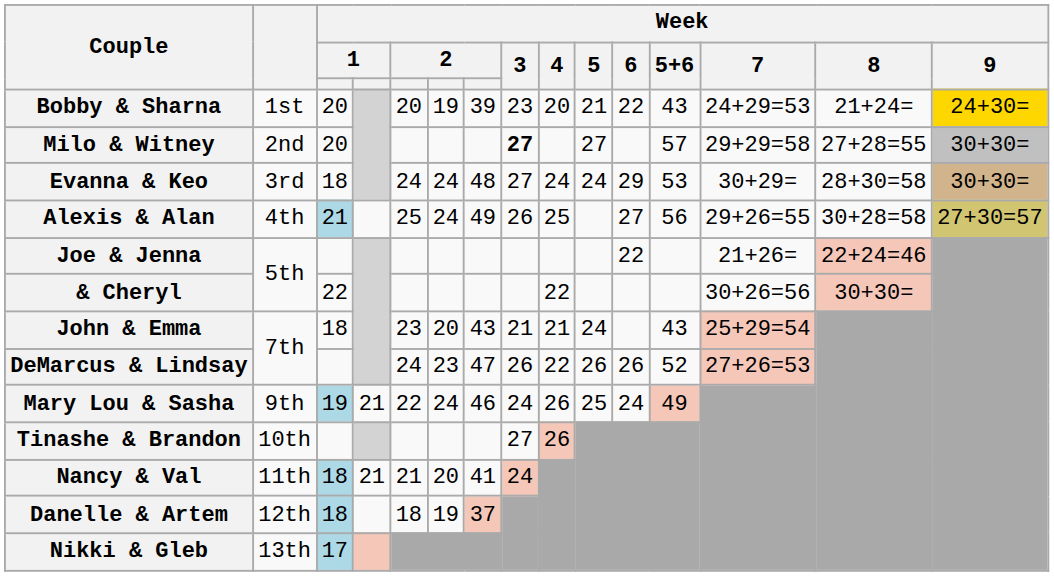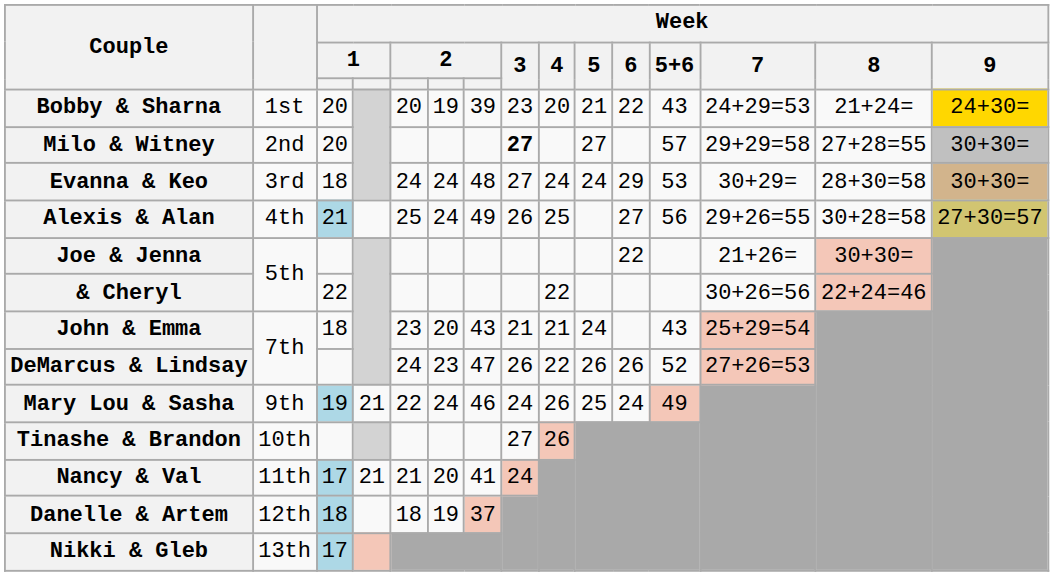 <table class="wikitable sortable" style="text-align:center; font-size:90%">
 <tr>
 <th scope="col" rowspan="3" style="text-align:center;">Couple</th>
 <th scope="col" rowspan="3" style="text-align:center;"></th>
 <th colspan="13" style="text-align:center;">Week</th>
 </tr>
 <tr>
 <th scope="col" colspan="2">1</th>
 <th scope="col" colspan="3">2</th>
 <th scope="col" rowspan="2">3</th>
 <th scope="col" rowspan="2">4</th>
 <th scope="col" rowspan="2">5</th>
 <th scope="col" rowspan="2">6</th>
 <th scope="col" rowspan="2">5+6</th>
 <th scope="col" rowspan="2">7</th>
 <th scope="col" rowspan="2">8</th>
 <th scope="col" rowspan="2">9</th>
 </tr>
 <tr>
 <th></th>
 <th></th>
 <th></th>
 <th></th>
 <th></th>
 </tr>
 <tr>
 <th scope="row">Bobby & Sharna</th>
 <td>1st</td>
 <td>20</td>
 <td rowspan="3" bgcolor="lightgray"></td>
 <td>20</td>
 <td>19</td>
 <td>39</td>
 <td>23</td>
 <td>20</td>
 <td>21</td>
 <td>22</td>
 <td>43</td>
 <td>24+29=53</td>
 <td>21+24=</td>
 <td bgcolor=gold >24+30=</td>
 </tr>
 <tr>
 <th scope="row">Milo & Witney</th>
 <td>2nd</td>
 <td>20</td>
 <td></td>
 <td></td>
 <td></td>
 <td><strong>27</strong></td>
 <td></td>
 <td>27</td>
 <td></td>
 <td>57</td>
 <td>29+29=58</td>
 <td>27+28=55</td>
 <td bgcolor=silver >30+30=</td>
 </tr>
 <tr>
 <th scope="row">Evanna & Keo</th>
 <td>3rd</td>
 <td>18</td>
 <td>24</td>
 <td>24</td>
 <td>48</td>
 <td>27</td>
 <td>24</td>
 <td>24</td>
 <td>29</td>
 <td>53</td>
 <td>30+29=</td>
 <td>28+30=58</td>
 <td bgcolor=tan >30+30=</td>
 </tr>
 <tr>
 <th scope="row">Alexis & Alan</th>
 <td>4th</td>
 <td bgcolor=lightblue>21</td>
 <td></td>
 <td>25</td>
 <td>24</td>
 <td>49</td>
 <td>26</td>
 <td>25</td>
 <td></td>
 <td>27</td>
 <td>56</td>
 <td>29+26=55</td>
 <td>30+28=58</td>
 <td bgcolor=d1c571 >27+30=57</td>
 </tr>
 <tr>
 <th scope="row">Joe & Jenna</th>
 <td rowspan="2">5th</td>
 <td></td>
 <td rowspan="4" bgcolor="lightgray"></td>
 <td></td>
 <td></td>
 <td></td>
 <td></td>
 <td></td>
 <td></td>
 <td>22</td>
 <td></td>
 <td>21+26=</td>
-<td bgcolor=f4c7b8 >22+24=46</td>
+<td bgcolor=f4c7b8 >30+30=</td>
 <td rowspan="9" style="background:darkgrey"></td>
 </tr>
 <tr>
 <th scope="row"> & Cheryl</th>
 <td>22</td>
 <td></td>
 <td></td>
 <td></td>
 <td></td>
 <td>22</td>
 <td></td>
 <td></td>
 <td></td>
 <td>30+26=56</td>
-<td bgcolor=f4c7b8 >30+30=</td>
+<td bgcolor=f4c7b8 >22+24=46</td>
 </tr>
 <tr>
 <th scope="row">John & Emma</th>
 <td rowspan="2">7th</td>
 <td>18</td>
 <td>23</td>
 <td>20</td>
 <td>43</td>
 <td>21</td>
 <td>21</td>
 <td>24</td>
 <td></td>
 <td>43</td>
 <td bgcolor=f4c7b8 >25+29=54</td>
 <td rowspan="7" style="background:darkgrey"></td>
 </tr>
 <tr>
 <th scope="row">DeMarcus & Lindsay</th>
 <td></td>
 <td>24</td>
 <td>23</td>
 <td>47</td>
 <td>26</td>
 <td>22</td>
 <td>26</td>
 <td>26</td>
 <td>52</td>
 <td bgcolor=f4c7b8 >27+26=53</td>
 </tr>
 <tr>
 <th scope="row">Mary Lou & Sasha</th>
 <td>9th</td>
 <td bgcolor=lightblue>19</td>
 <td>21</td>
 <td>22</td>
 <td>24</td>
 <td>46</td>
 <td>24</td>
 <td>26</td>
 <td>25</td>
 <td>24</td>
 <td bgcolor=f4c7b8>49</td>
 <td rowspan="5" style="background:darkgrey"></td>
 </tr>
 <tr>
 <th scope="row">Tinashe & Brandon</th>
 <td>10th</td>
 <td></td>
 <td bgcolor="lightgray"></td>
 <td></td>
 <td></td>
 <td></td>
 <td>27</td>
 <td bgcolor=f4c7b8>26</td>
 <td colspan="3" rowspan="4" style="background:darkgrey"></td>
 </tr>
 <tr>
 <th scope="row">Nancy & Val</th>
 <td>11th</td>
-<td bgcolor=lightblue>18</td>
+<td bgcolor=lightblue>17</td>
 <td>21</td>
 <td>21</td>
 <td>20</td>
 <td>41</td>
 <td bgcolor=f4c7b8>24</td>
 <td rowspan="3" style="background:darkgrey"></td>
 </tr>
 <tr>
 <th scope="row">Danelle & Artem</th>
 <td>12th</td>
 <td bgcolor=lightblue>18</td>
 <td></td>
 <td>18</td>
 <td>19</td>
 <td bgcolor=f4c7b8>37</td>
 <td rowspan="2" style="background:darkgrey"></td>
 </tr>
 <tr>
 <th scope="row">Nikki & Gleb</th>
 <td>13th</td>
 <td bgcolor=lightblue>17</td>
 <td bgcolor=f4c7b8></td>
 <td colspan="3" style="background:darkgrey"></td>
 </tr>
 </table>
